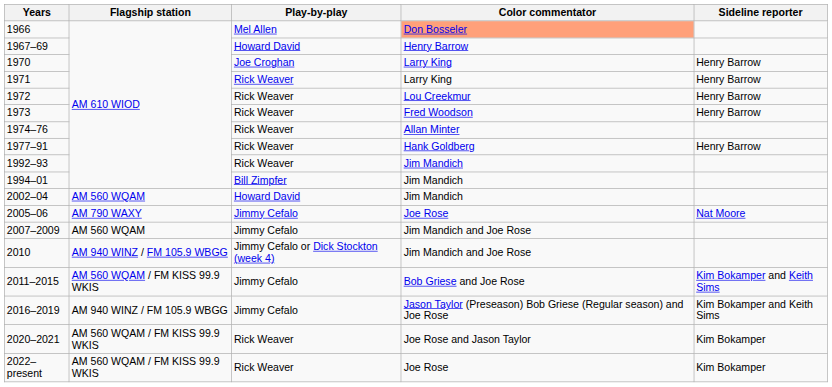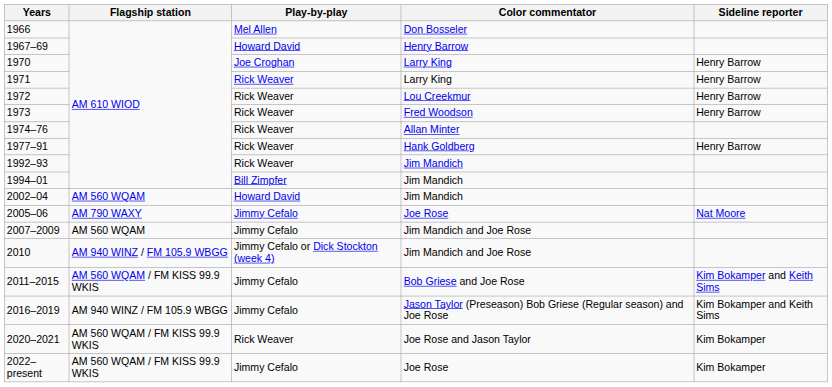 <table class="wikitable">
 <tr>
 <th>Years</th>
 <th>Flagship station</th>
 <th>Play-by-play</th>
 <th>Color commentator</th>
 <th>Sideline reporter</th>
 </tr>
 <tr>
 <td>1966</td>
 <td rowspan=10><a href='#'>AM 610 WIOD</a></td>
 <td><a href='#'>Mel Allen</a></td>
-<td style="background: lightsalmon;"><a href='#'>Don Bosseler</a></td>
+<td><a href='#'>Don Bosseler</a></td>
 <td></td>
 </tr>
 <tr>
 <td>1967–69</td>
 <td><a href='#'>Howard David</a></td>
 <td><a href='#'>Henry Barrow</a></td>
 <td></td>
 </tr>
 <tr>
 <td>1970</td>
 <td><a href='#'>Joe Croghan</a></td>
 <td><a href='#'>Larry King</a></td>
 <td>Henry Barrow</td>
 </tr>
 <tr>
 <td>1971</td>
 <td><a href='#'>Rick Weaver</a></td>
 <td>Larry King</td>
 <td>Henry Barrow</td>
 </tr>
 <tr>
 <td>1972</td>
 <td>Rick Weaver</td>
 <td><a href='#'>Lou Creekmur</a></td>
 <td>Henry Barrow</td>
 </tr>
 <tr>
 <td>1973</td>
 <td>Rick Weaver</td>
 <td><a href='#'>Fred Woodson</a></td>
 <td>Henry Barrow</td>
 </tr>
 <tr>
 <td>1974–76</td>
 <td>Rick Weaver</td>
 <td><a href='#'>Allan Minter</a></td>
 <td></td>
 </tr>
 <tr>
 <td>1977–91</td>
 <td>Rick Weaver</td>
 <td><a href='#'>Hank Goldberg</a></td>
 <td>Henry Barrow</td>
 </tr>
 <tr>
 <td>1992–93</td>
 <td>Rick Weaver</td>
 <td><a href='#'>Jim Mandich</a></td>
 <td></td>
 </tr>
 <tr>
 <td>1994–01</td>
 <td><a href='#'>Bill Zimpfer</a></td>
 <td>Jim Mandich</td>
 <td></td>
 </tr>
 <tr>
 <td>2002–04</td>
 <td><a href='#'>AM 560 WQAM</a></td>
 <td><a href='#'>Howard David</a></td>
 <td>Jim Mandich</td>
 <td></td>
 </tr>
 <tr>
 <td>2005–06</td>
 <td><a href='#'>AM 790 WAXY</a></td>
 <td><a href='#'>Jimmy Cefalo</a></td>
 <td><a href='#'>Joe Rose</a></td>
 <td><a href='#'>Nat Moore</a></td>
 </tr>
 <tr>
 <td>2007–2009</td>
 <td>AM 560 WQAM</td>
 <td>Jimmy Cefalo</td>
 <td>Jim Mandich and Joe Rose</td>
 </tr>
 <tr>
 <td>2010</td>
 <td><a href='#'>AM 940 WINZ</a> / <a href='#'>FM 105.9 WBGG</a></td>
 <td>Jimmy Cefalo or <a href='#'>Dick Stockton (week 4)</a></td>
 <td>Jim Mandich and Joe Rose</td>
 <td></td>
 </tr>
 <tr>
 <td>2011–2015</td>
 <td><a href='#'>AM 560 WQAM</a> / FM KISS 99.9 WKIS</td>
 <td>Jimmy Cefalo</td>
 <td><a href='#'>Bob Griese</a> and Joe Rose</td>
 <td><a href='#'>Kim Bokamper</a> and <a href='#'>Keith Sims</a></td>
 </tr>
 <tr>
 <td>2016–2019</td>
 <td>AM 940 WINZ / FM 105.9 WBGG</td>
 <td>Jimmy Cefalo</td>
 <td><a href='#'>Jason Taylor</a> (Preseason) Bob Griese (Regular season) and Joe Rose</td>
 <td>Kim Bokamper and Keith Sims</td>
 </tr>
 <tr>
 <td>2020–2021</td>
 <td>AM 560 WQAM / FM KISS 99.9 WKIS</td>
 <td>Rick Weaver</td>
 <td>Joe Rose and Jason Taylor</td>
 <td>Kim Bokamper</td>
 </tr>
 <tr>
 <td>2022–present</td>
 <td>AM 560 WQAM / FM KISS 99.9 WKIS</td>
-<td>Rick Weaver</td>
+<td>Jimmy Cefalo</td>
 <td>Joe Rose</td>
 <td>Kim Bokamper</td>
 </tr>
 </table>
